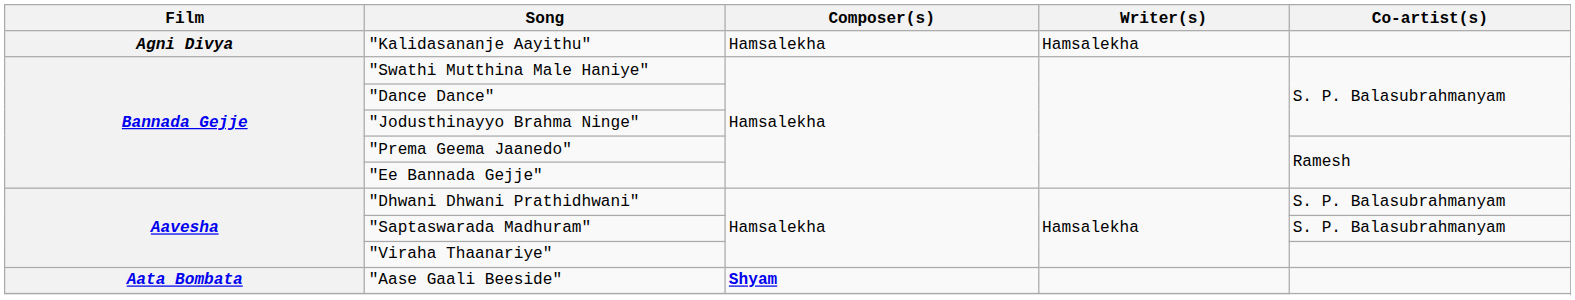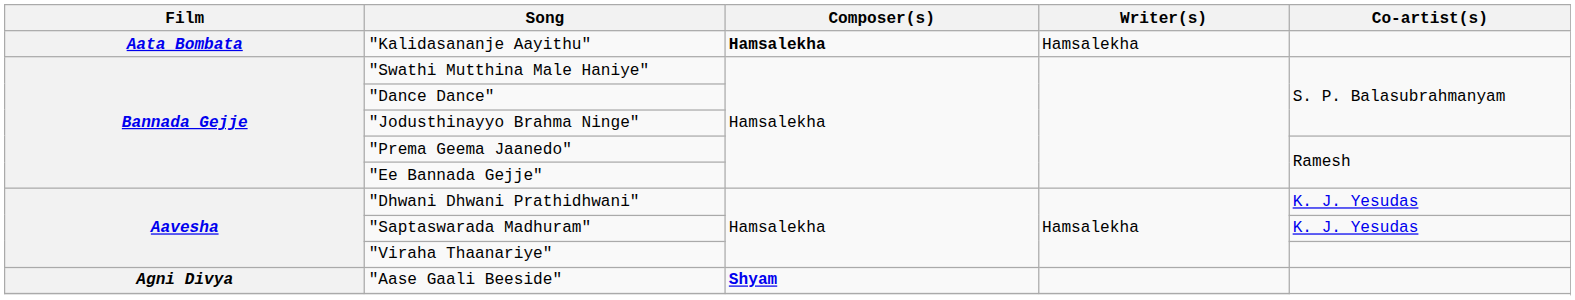 <table class="wikitable plainrowheaders" width="100%" textcolor:#000;">
 <tr style="background:#b0e0e66;">
 <th scope="col" width=23%><strong>Film</strong></th>
 <th scope="col" width=23%><strong>Song</strong></th>
 <th scope="col" width=20%><strong>Composer(s)</strong></th>
 <th scope="col" width=16%><strong>Writer(s)</strong></th>
 <th scope="col" width=18%><strong>Co-artist(s)</strong></th>
 </tr>
 <tr>
-<th scope="row" rowspan="1"><em>Agni Divya</em></th>
+<th scope="row" rowspan="1"><em><a href='#'>Aata Bombata</a></em></th>
 <td>"Kalidasananje Aayithu"</td>
-<td>Hamsalekha</td>
+<td><strong>Hamsalekha</strong></td>
 <td>Hamsalekha</td>
 <td></td>
 </tr>
 <tr>
 <th scope="row" rowspan="5"><em><a href='#'>Bannada Gejje</a></em></th>
 <td>"Swathi Mutthina Male Haniye"</td>
 <td rowspan="5">Hamsalekha</td>
 <td rowspan=5></td>
 <td rowspan=3>S. P. Balasubrahmanyam</td>
 </tr>
 <tr>
 <td>"Dance Dance"</td>
 </tr>
 <tr>
 <td>"Jodusthinayyo Brahma Ninge"</td>
 </tr>
 <tr>
 <td>"Prema Geema Jaanedo"</td>
 <td rowspan=2>Ramesh</td>
 </tr>
 <tr>
 <td>"Ee Bannada Gejje"</td>
 </tr>
 <tr>
 <th scope="row" rowspan="3"><em><a href='#'>Aavesha</a></em></th>
 <td>"Dhwani Dhwani Prathidhwani"</td>
 <td rowspan="3">Hamsalekha</td>
 <td rowspan=3>Hamsalekha</td>
-<td>S. P. Balasubrahmanyam</td>
+<td><a href='#'>K. J. Yesudas</a></td>
 </tr>
 <tr>
 <td>"Saptaswarada Madhuram"</td>
-<td>S. P. Balasubrahmanyam</td>
+<td><a href='#'>K. J. Yesudas</a></td>
 </tr>
 <tr>
 <td>"Viraha Thaanariye"</td>
 <td></td>
 </tr>
 <tr>
-<th scope="row" rowspan="1"><em><a href='#'>Aata Bombata</a></em></th>
+<th scope="row" rowspan="1"><em>Agni Divya</em></th>
 <td>"Aase Gaali Beeside"</td>
 <td><strong><a href='#'>Shyam</a></strong></td>
 <td></td>
 </tr>
 <tr>
 </tr>
 </table>
